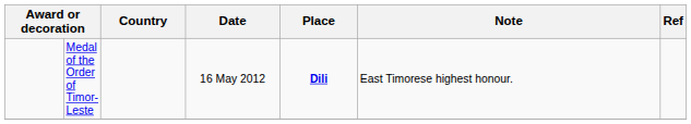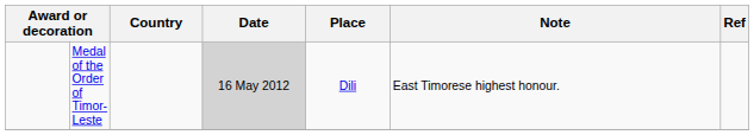 <table class="wikitable" style="text-align:left;">
 <tr ->
 <th colspan=2 width="490px">Award or decoration</th>
 <th width="110px">Country</th>
 <th width="110px">Date</th>
 <th width="110px">Place</th>
 <th width="500px">Note</th>
 <th>Ref</th>
 </tr>
 <tr>
 <td width="80px"></td>
 <td style="font-size:90%;"><a href='#'>Medal of the Order of Timor-Leste</a></td>
 <td style="width:8em; font-size:90%;"></td>
-<td align="center" style="width:10em; font-size:90%;">16 May 2012</td>
-<td align="center" style="font-size:90%;"><strong><a href='#'>Dili</a></strong></td>
+<td align="center" style="background: lightgrey; width:10em; font-size:90%;">16 May 2012</td>
+<td align="center" style="font-size:90%;"><a href='#'>Dili</a></td>
 <td style="font-size:90%;">East Timorese highest honour.</td>
 <td style="font-size:90%;"></td>
 </tr>
 <tr>
 </tr>
 </table>
